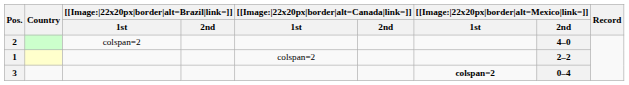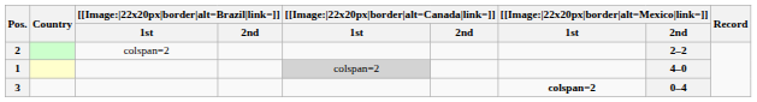 <table class="wikitable sortable nowrap" style="text-align:center; font-size:0.9em;">
 <tr>
 <th rowspan="2">Pos.</th>
 <th rowspan="2">Country</th>
 <th colspan="2">[[Image:|22x20px|border|alt=Brazil|link=]]</th>
 <th colspan="2">[[Image:|22x20px|border|alt=Canada|link=]]</th>
 <th colspan="2">[[Image:|22x20px|border|alt=Mexico|link=]]</th>
 <th rowspan="2">Record</th>
 </tr>
 <tr>
 <th>1st</th>
 <th>2nd</th>
 <th>1st</th>
 <th>2nd</th>
 <th>1st</th>
 <th>2nd</th>
 </tr>
 <tr>
 <th>2</th>
 <td style="text-align:left; background:#ccffcc;"></td>
 <td>colspan=2  </td>
 <td> </td>
 <td> </td>
 <td> </td>
 <td> </td>
-<th>4–0</th>
+<th>2–2</th>
 </tr>
 <tr>
 <th>1</th>
 <td style="text-align:left; background:#ffffcc;"></td>
 <td> </td>
 <td> </td>
-<td>colspan=2  </td>
+<td style="background: lightgrey;">colspan=2  </td>
 <td> </td>
 <td> </td>
-<th>2–2</th>
+<th>4–0</th>
 </tr>
 <tr>
 <th>3</th>
 <td style="text-align:left;"></td>
 <td> </td>
 <td> </td>
 <td> </td>
 <td> </td>
 <td><strong>colspan=2  </strong></td>
 <th>0–4</th>
 </tr>
 </table>
